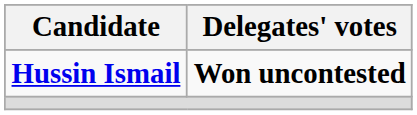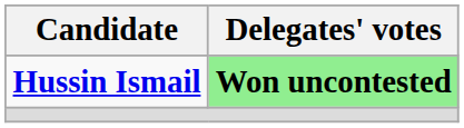 <table class="wikitable" style="text-align:center">
 <tr>
 <th>Candidate</th>
 <th>Delegates' votes</th>
 </tr>
 <tr>
 <td align="left"><strong><a href='#'>Hussin Ismail</a></strong></td>
-<td colspan="1"><strong>Won uncontested</strong></td>
+<td colspan="1" style="background: lightgreen;"><strong>Won uncontested</strong></td>
 </tr>
 <tr>
 <td colspan="3" bgcolor="dcdcdc"></td>
 </tr>
 </table>
